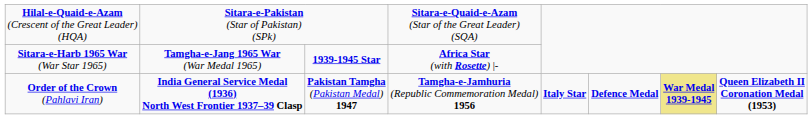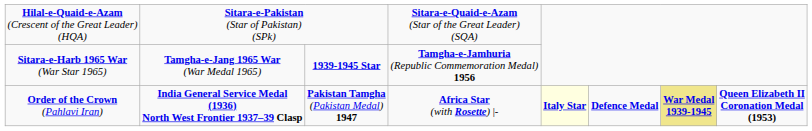 <table class="wikitable" style="margin:1em auto; text-align:center;">
 <tr>
 <td><strong><a href='#'>Hilal-e-</a><a href='#'>Quaid-e-Azam</a></strong><br><em>(Crescent of the Great Leader)</em><br><em>(HQA)</em></td>
 <td colspan="2"><strong><a href='#'>Sitara-e-Pakistan</a></strong><br><em>(Star of Pakistan)</em><br><em>(SPk)</em></td>
 <td><strong><a href='#'>Sitara-e-</a><a href='#'>Quaid-e-Azam</a></strong><br><em>(Star of the Great Leader)</em><br><em>(SQA)</em></td>
 </tr>
 <tr>
 <td><strong><a href='#'>Sitara-e-Harb 1965 War</a></strong><br><em>(War Star 1965)</em></td>
 <td><strong><a href='#'>Tamgha-e-Jang 1965 War</a></strong><br><em>(War Medal 1965)</em></td>
 <td><strong><a href='#'>1939-1945 Star</a></strong></td>
-<td><strong><a href='#'>Africa Star</a></strong><br><em>(with <a href='#'><strong>Rosette</strong></a>)</em> |-</td>
+<td><strong><a href='#'>Tamgha-e-Jamhuria</a></strong><br><em>(Republic Commemoration Medal)</em><br><strong>1956</strong></td>
 </tr>
 <tr>
 <td><a href='#'><strong>Order of the Crown</strong></a><br><em>(<a href='#'>Pahlavi Iran</a>)</em></td>
 <td><strong><a href='#'>India General Service Medal</a></strong><br><strong><a href='#'>(1936)</a></strong><br><strong><a href='#'>North West Frontier 1937–39</a> Clasp</strong></td>
 <td><strong><a href='#'>Pakistan Tamgha</a></strong><br><em>(<a href='#'>Pakistan Medal</a>)</em><br><strong>1947</strong></td>
-<td><strong><a href='#'>Tamgha-e-Jamhuria</a></strong><br><em>(Republic Commemoration Medal)</em><br><strong>1956</strong></td>
-<td><strong><a href='#'>Italy Star</a></strong></td>
+<td><strong><a href='#'>Africa Star</a></strong><br><em>(with <a href='#'><strong>Rosette</strong></a>)</em> |-</td>
+<td style="background: lightyellow;"><strong><a href='#'>Italy Star</a></strong></td>
 <td><strong><a href='#'>Defence Medal</a></strong></td>
 <td style="background: khaki;"><strong><a href='#'>War Medal</a></strong><br><strong><a href='#'>1939-1945</a></strong></td>
 <td><strong><a href='#'>Queen Elizabeth II</a></strong><br><strong><a href='#'>Coronation Medal</a></strong><br><strong>(1953)</strong></td>
 </tr>
 </table>
